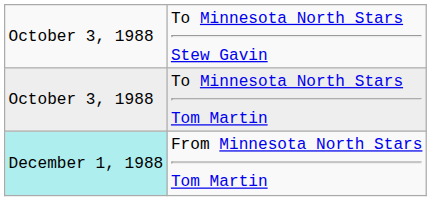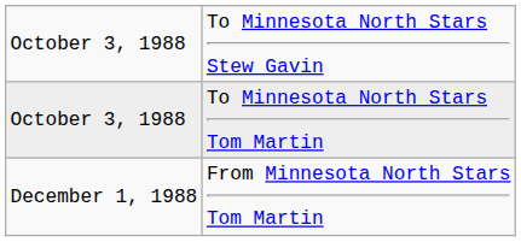 <table class="wikitable">
 <tr>
 <td>October 3, 1988</td>
 <td valign="top">To <a href='#'>Minnesota North Stars</a><hr><a href='#'>Stew Gavin</a></td>
 </tr>
 <tr style="background:#eee;">
 <td>October 3, 1988</td>
 <td valign="top">To <a href='#'>Minnesota North Stars</a><hr><a href='#'>Tom Martin</a></td>
 </tr>
 <tr>
-<td style="background: paleturquoise;">December 1, 1988</td>
+<td>December 1, 1988</td>
 <td valign="top">From <a href='#'>Minnesota North Stars</a><hr><a href='#'>Tom Martin</a></td>
 </tr>
 </table>
